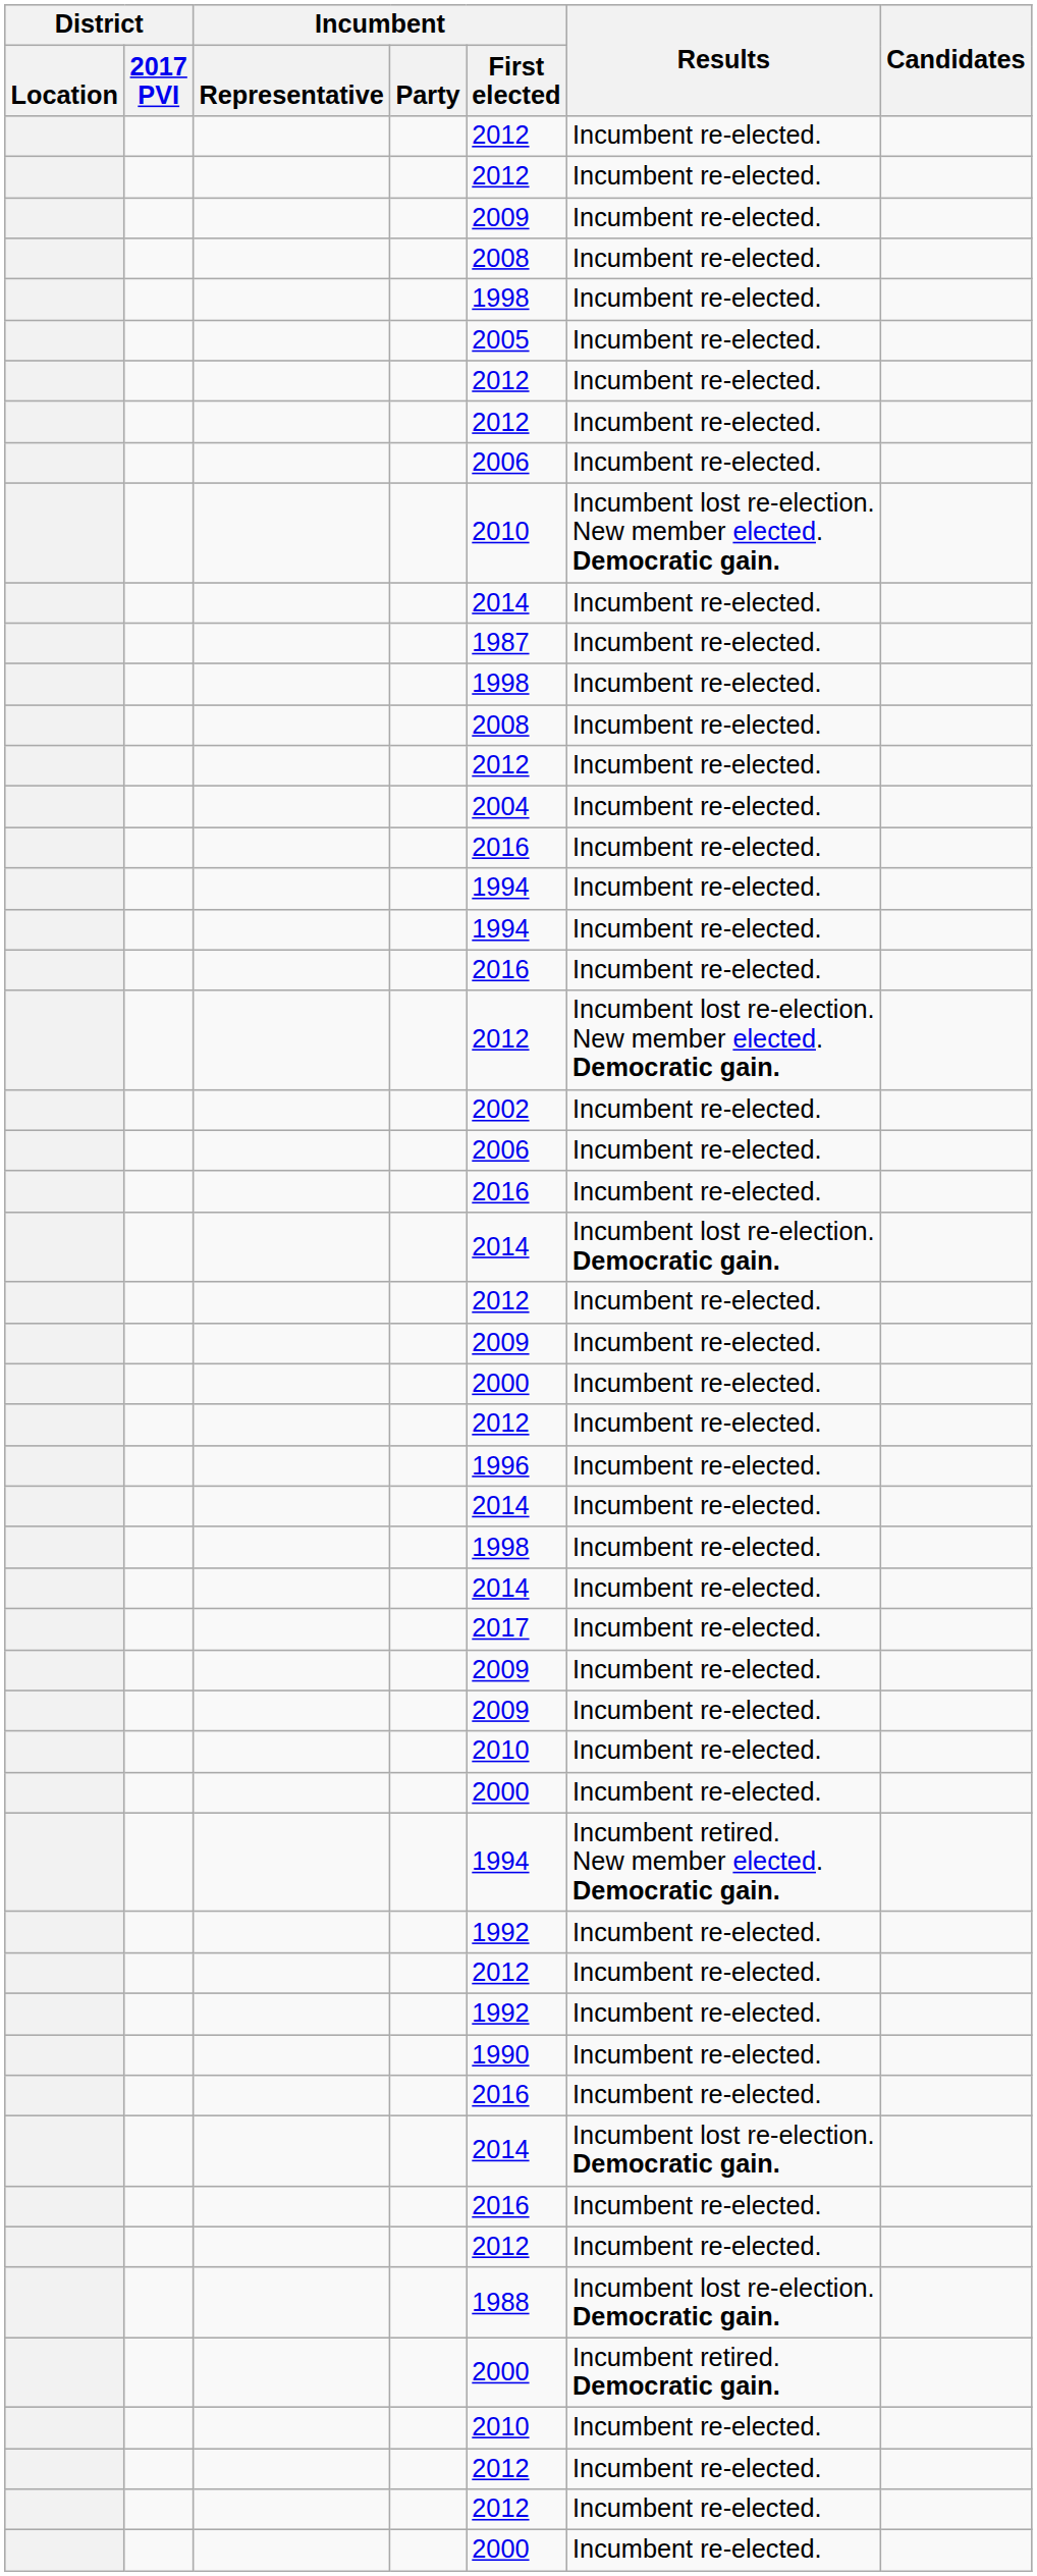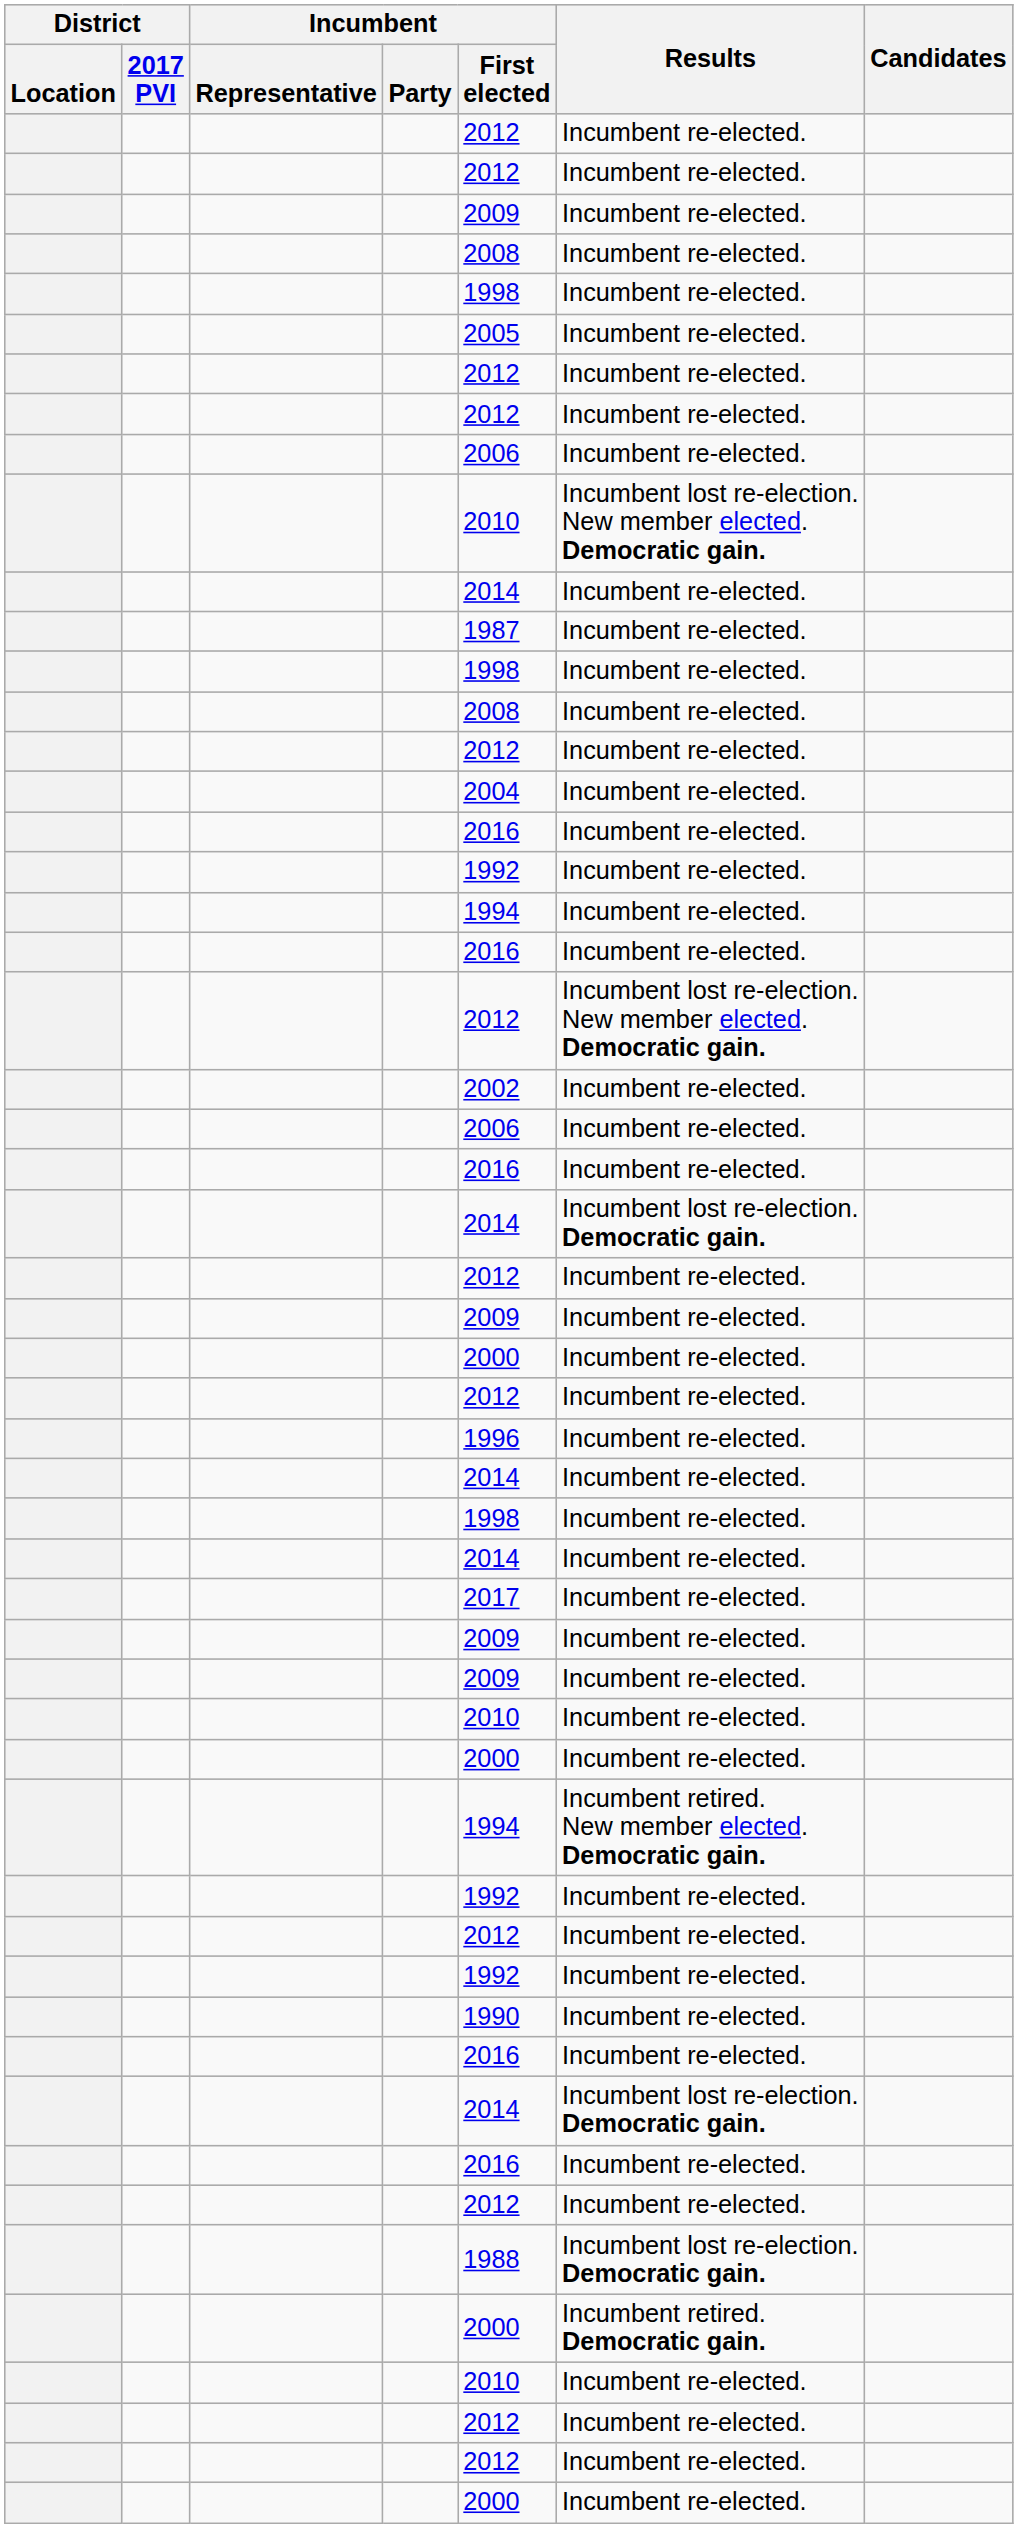 <table class="wikitable sortable">
 <tr>
 <th colspan=2>District</th>
 <th colspan=3>Incumbent</th>
 <th rowspan=2>Results</th>
 <th rowspan=2>Candidates</th>
 </tr>
 <tr valign=bottom>
 <th>Location</th>
 <th><a href='#'>2017<br>PVI</a></th>
 <th>Representative</th>
 <th>Party</th>
 <th>First<br>elected</th>
 </tr>
 <tr>
 <th></th>
 <td></td>
 <td></td>
 <td></td>
 <td><a href='#'>2012</a></td>
 <td>Incumbent re-elected.</td>
 <td nowrap></td>
 </tr>
 <tr>
 <th></th>
 <td></td>
 <td></td>
 <td></td>
 <td><a href='#'>2012</a></td>
 <td>Incumbent re-elected.</td>
 <td nowrap></td>
 </tr>
 <tr>
 <th></th>
 <td></td>
 <td></td>
 <td></td>
 <td><a href='#'>2009 </a></td>
 <td>Incumbent re-elected.</td>
 <td nowrap></td>
 </tr>
 <tr>
 <th></th>
 <td></td>
 <td></td>
 <td></td>
 <td><a href='#'>2008</a></td>
 <td>Incumbent re-elected.</td>
 <td nowrap></td>
 </tr>
 <tr>
 <th></th>
 <td></td>
 <td></td>
 <td></td>
 <td><a href='#'>1998</a></td>
 <td>Incumbent re-elected.</td>
 <td nowrap></td>
 </tr>
 <tr>
 <th></th>
 <td></td>
 <td></td>
 <td></td>
 <td><a href='#'>2005 </a></td>
 <td>Incumbent re-elected.</td>
 <td nowrap></td>
 </tr>
 <tr>
 <th></th>
 <td></td>
 <td></td>
 <td></td>
 <td><a href='#'>2012</a></td>
 <td>Incumbent re-elected.</td>
 <td nowrap></td>
 </tr>
 <tr>
 <th></th>
 <td></td>
 <td></td>
 <td></td>
 <td><a href='#'>2012</a></td>
 <td>Incumbent re-elected.</td>
 <td nowrap></td>
 </tr>
 <tr>
 <th></th>
 <td></td>
 <td></td>
 <td></td>
 <td><a href='#'>2006</a></td>
 <td>Incumbent re-elected.</td>
 <td nowrap></td>
 </tr>
 <tr>
 <th></th>
 <td></td>
 <td></td>
 <td></td>
 <td><a href='#'>2010</a></td>
 <td>Incumbent lost re-election.<br>New member <a href='#'>elected</a>.<br><strong>Democratic gain.</strong></td>
 <td nowrap></td>
 </tr>
 <tr>
 <th></th>
 <td></td>
 <td></td>
 <td></td>
 <td><a href='#'>2014</a></td>
 <td>Incumbent re-elected.</td>
 <td nowrap></td>
 </tr>
 <tr>
 <th></th>
 <td></td>
 <td></td>
 <td></td>
 <td><a href='#'>1987</a></td>
 <td>Incumbent re-elected.</td>
 <td nowrap></td>
 </tr>
 <tr>
 <th></th>
 <td></td>
 <td></td>
 <td></td>
 <td><a href='#'>1998 </a></td>
 <td>Incumbent re-elected.</td>
 <td nowrap></td>
 </tr>
 <tr>
 <th></th>
 <td></td>
 <td></td>
 <td></td>
 <td><a href='#'>2008 </a></td>
 <td>Incumbent re-elected.</td>
 <td nowrap></td>
 </tr>
 <tr>
 <th></th>
 <td></td>
 <td></td>
 <td></td>
 <td><a href='#'>2012</a></td>
 <td>Incumbent re-elected.</td>
 <td nowrap></td>
 </tr>
 <tr>
 <th></th>
 <td></td>
 <td></td>
 <td></td>
 <td><a href='#'>2004</a></td>
 <td>Incumbent re-elected.</td>
 <td nowrap></td>
 </tr>
 <tr>
 <th></th>
 <td></td>
 <td></td>
 <td></td>
 <td><a href='#'>2016</a></td>
 <td>Incumbent re-elected.</td>
 <td nowrap></td>
 </tr>
 <tr>
 <th></th>
 <td></td>
 <td></td>
 <td></td>
-<td><a href='#'>1994</a></td>
+<td><a href='#'>1992</a></td>
 <td>Incumbent re-elected.</td>
 <td nowrap></td>
 </tr>
 <tr>
 <th></th>
 <td></td>
 <td></td>
 <td></td>
 <td><a href='#'>1994</a></td>
 <td>Incumbent re-elected.</td>
 <td nowrap></td>
 </tr>
 <tr>
 <th></th>
 <td></td>
 <td></td>
 <td></td>
 <td><a href='#'>2016</a></td>
 <td>Incumbent re-elected.</td>
 <td nowrap></td>
 </tr>
 <tr>
 <th></th>
 <td></td>
 <td></td>
 <td></td>
 <td><a href='#'>2012</a></td>
 <td>Incumbent lost re-election.<br>New member <a href='#'>elected</a>.<br><strong>Democratic gain.</strong></td>
 <td nowrap></td>
 </tr>
 <tr>
 <th></th>
 <td></td>
 <td></td>
 <td></td>
 <td><a href='#'>2002</a></td>
 <td>Incumbent re-elected.</td>
 <td nowrap></td>
 </tr>
 <tr>
 <th></th>
 <td></td>
 <td></td>
 <td></td>
 <td><a href='#'>2006</a></td>
 <td>Incumbent re-elected.</td>
 <td nowrap></td>
 </tr>
 <tr>
 <th></th>
 <td></td>
 <td></td>
 <td></td>
 <td><a href='#'>2016</a></td>
 <td>Incumbent re-elected.</td>
 <td nowrap></td>
 </tr>
 <tr>
 <th></th>
 <td></td>
 <td></td>
 <td></td>
 <td><a href='#'>2014</a></td>
 <td>Incumbent lost re-election.<br><strong>Democratic gain.</strong></td>
 <td nowrap></td>
 </tr>
 <tr>
 <th></th>
 <td></td>
 <td></td>
 <td></td>
 <td><a href='#'>2012</a></td>
 <td>Incumbent re-elected.</td>
 <td nowrap></td>
 </tr>
 <tr>
 <th></th>
 <td></td>
 <td></td>
 <td></td>
 <td><a href='#'>2009 </a></td>
 <td>Incumbent re-elected.</td>
 <td nowrap></td>
 </tr>
 <tr>
 <th></th>
 <td></td>
 <td></td>
 <td></td>
 <td><a href='#'>2000</a></td>
 <td>Incumbent re-elected.</td>
 <td nowrap></td>
 </tr>
 <tr>
 <th></th>
 <td></td>
 <td></td>
 <td></td>
 <td><a href='#'>2012</a></td>
 <td>Incumbent re-elected.</td>
 <td nowrap></td>
 </tr>
 <tr>
 <th></th>
 <td></td>
 <td></td>
 <td></td>
 <td><a href='#'>1996</a></td>
 <td>Incumbent re-elected.</td>
 <td nowrap></td>
 </tr>
 <tr>
 <th></th>
 <td></td>
 <td></td>
 <td></td>
 <td><a href='#'>2014</a></td>
 <td>Incumbent re-elected.</td>
 <td nowrap></td>
 </tr>
 <tr>
 <th></th>
 <td></td>
 <td></td>
 <td></td>
 <td><a href='#'>1998</a></td>
 <td>Incumbent re-elected.</td>
 <td nowrap></td>
 </tr>
 <tr>
 <th></th>
 <td></td>
 <td></td>
 <td></td>
 <td><a href='#'>2014</a></td>
 <td>Incumbent re-elected.</td>
 <td nowrap></td>
 </tr>
 <tr>
 <th></th>
 <td></td>
 <td></td>
 <td></td>
 <td><a href='#'>2017 </a></td>
 <td>Incumbent re-elected.</td>
 <td nowrap></td>
 </tr>
 <tr>
 <th></th>
 <td></td>
 <td></td>
 <td></td>
 <td><a href='#'>2009</a></td>
 <td>Incumbent re-elected.</td>
 <td nowrap></td>
 </tr>
 <tr>
 <th></th>
 <td></td>
 <td></td>
 <td></td>
 <td><a href='#'>2009</a></td>
 <td>Incumbent re-elected.</td>
 <td nowrap></td>
 </tr>
 <tr>
 <th></th>
 <td></td>
 <td></td>
 <td></td>
 <td><a href='#'>2010</a></td>
 <td>Incumbent re-elected.</td>
 <td nowrap></td>
 </tr>
 <tr>
 <th></th>
 <td></td>
 <td></td>
 <td></td>
 <td><a href='#'>2000</a></td>
 <td>Incumbent re-elected.</td>
 <td nowrap></td>
 </tr>
 <tr>
 <th></th>
 <td></td>
 <td></td>
 <td></td>
 <td><a href='#'>1994</a></td>
 <td>Incumbent retired.<br>New member <a href='#'>elected</a>.<br><strong>Democratic gain.</strong></td>
 <td nowrap></td>
 </tr>
 <tr>
 <th></th>
 <td></td>
 <td></td>
 <td></td>
 <td><a href='#'>1992</a></td>
 <td>Incumbent re-elected.</td>
 <td nowrap></td>
 </tr>
 <tr>
 <th></th>
 <td></td>
 <td></td>
 <td></td>
 <td><a href='#'>2012</a></td>
 <td>Incumbent re-elected.</td>
 <td nowrap></td>
 </tr>
 <tr>
 <th></th>
 <td></td>
 <td></td>
 <td></td>
 <td><a href='#'>1992</a></td>
 <td>Incumbent re-elected.</td>
 <td nowrap></td>
 </tr>
 <tr>
 <th></th>
 <td></td>
 <td></td>
 <td></td>
 <td><a href='#'>1990</a></td>
 <td>Incumbent re-elected.</td>
 <td nowrap></td>
 </tr>
 <tr>
 <th></th>
 <td></td>
 <td></td>
 <td></td>
 <td><a href='#'>2016</a></td>
 <td>Incumbent re-elected.</td>
 <td nowrap></td>
 </tr>
 <tr>
 <th></th>
 <td></td>
 <td></td>
 <td></td>
 <td><a href='#'>2014</a></td>
 <td>Incumbent lost re-election.<br><strong>Democratic gain.</strong></td>
 <td nowrap></td>
 </tr>
 <tr>
 <th></th>
 <td></td>
 <td></td>
 <td></td>
 <td><a href='#'>2016</a></td>
 <td>Incumbent re-elected.</td>
 <td nowrap></td>
 </tr>
 <tr>
 <th></th>
 <td></td>
 <td></td>
 <td></td>
 <td><a href='#'>2012</a></td>
 <td>Incumbent re-elected.</td>
 <td nowrap></td>
 </tr>
 <tr>
 <th></th>
 <td></td>
 <td></td>
 <td></td>
 <td><a href='#'>1988</a></td>
 <td>Incumbent lost re-election.<br><strong>Democratic gain.</strong></td>
 <td nowrap></td>
 </tr>
 <tr>
 <th></th>
 <td></td>
 <td></td>
 <td></td>
 <td><a href='#'>2000</a></td>
 <td>Incumbent retired.<br><strong>Democratic gain.</strong></td>
 <td nowrap></td>
 </tr>
 <tr>
 <th></th>
 <td></td>
 <td></td>
 <td></td>
 <td><a href='#'>2010</a></td>
 <td>Incumbent re-elected.</td>
 <td nowrap></td>
 </tr>
 <tr>
 <th></th>
 <td></td>
 <td></td>
 <td></td>
 <td><a href='#'>2012</a></td>
 <td>Incumbent re-elected.</td>
 <td nowrap></td>
 </tr>
 <tr>
 <th></th>
 <td></td>
 <td></td>
 <td></td>
 <td><a href='#'>2012</a></td>
 <td>Incumbent re-elected.</td>
 <td nowrap></td>
 </tr>
 <tr>
 <th></th>
 <td></td>
 <td></td>
 <td></td>
 <td><a href='#'>2000</a></td>
 <td>Incumbent re-elected.</td>
 <td nowrap></td>
 </tr>
 </table>
